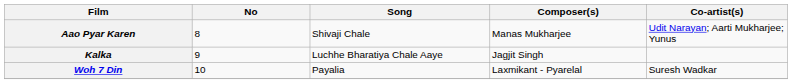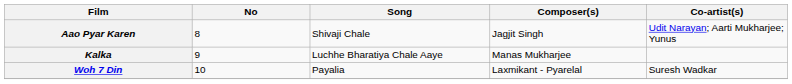 <table class="wikitable plainrowheaders" style="width:100%; textcolor:#000">
 <tr>
 <th scope="col" style="width:24%;">Film</th>
 <th>No</th>
 <th scope="col" style="width:23%;">Song</th>
 <th scope="col" style="width:20%;">Composer(s)</th>
 <th scope="col" style="width:18%;">Co-artist(s)</th>
 </tr>
 <tr>
 <th><em>Aao Pyar Karen</em></th>
 <td>8</td>
 <td>Shivaji Chale</td>
-<td>Manas Mukharjee</td>
+<td>Jagjit Singh</td>
 <td><a href='#'>Udit Narayan</a>; Aarti Mukharjee; Yunus</td>
 </tr>
 <tr>
 <th><em>Kalka</em></th>
 <td>9</td>
 <td>Luchhe Bharatiya Chale Aaye</td>
-<td>Jagjit Singh</td>
+<td>Manas Mukharjee</td>
 <td></td>
 </tr>
 <tr>
 <th><em><a href='#'>Woh 7 Din</a></em></th>
 <td>10</td>
 <td>Payalia</td>
 <td>Laxmikant - Pyarelal</td>
 <td>Suresh Wadkar</td>
 </tr>
 <tr>
 </tr>
 </table>
